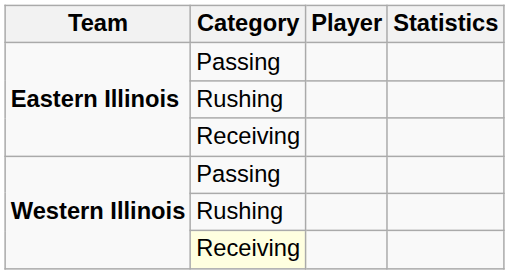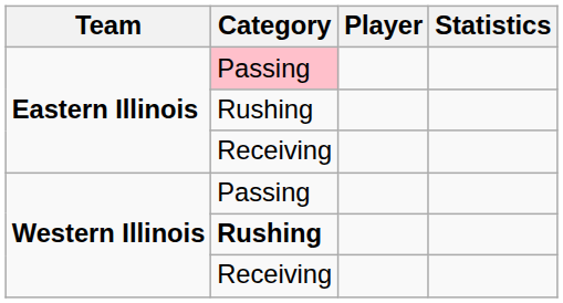 <table class="wikitable" style="float: right;">
 <tr>
 <th>Team</th>
 <th>Category</th>
 <th>Player</th>
 <th>Statistics</th>
 </tr>
 <tr>
 <td rowspan=3><strong>Eastern Illinois</strong></td>
-<td>Passing</td>
+<td style="background: pink;">Passing</td>
 <td></td>
 <td></td>
 </tr>
 <tr>
 <td>Rushing</td>
 <td></td>
 <td></td>
 </tr>
 <tr>
 <td>Receiving</td>
 <td></td>
 <td></td>
 </tr>
 <tr>
 <td rowspan=3><strong>Western Illinois</strong></td>
 <td>Passing</td>
 <td></td>
 <td></td>
 </tr>
 <tr>
-<td>Rushing</td>
+<td><strong>Rushing</strong></td>
 <td></td>
 <td></td>
 </tr>
 <tr>
-<td style="background: lightyellow;">Receiving</td>
+<td>Receiving</td>
 <td></td>
 <td></td>
 </tr>
 </table>
